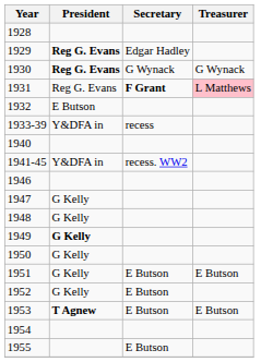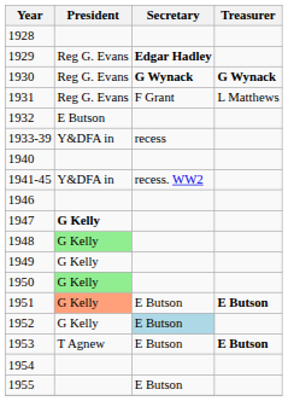 <table class="wikitable sortable">
 <tr>
 <th>Year</th>
 <th>President</th>
 <th>Secretary</th>
 <th>Treasurer</th>
 </tr>
 <tr>
 <td>1928</td>
 <td></td>
 <td></td>
 <td></td>
 </tr>
 <tr>
 <td>1929</td>
-<td><strong>Reg G. Evans</strong></td>
-<td>Edgar Hadley</td>
+<td>Reg G. Evans</td>
+<td><strong>Edgar Hadley</strong></td>
 <td></td>
 </tr>
 <tr>
 <td>1930</td>
-<td><strong>Reg G. Evans</strong></td>
-<td>G Wynack</td>
-<td>G Wynack</td>
+<td>Reg G. Evans</td>
+<td><strong>G Wynack</strong></td>
+<td><strong>G Wynack</strong></td>
 </tr>
 <tr>
 <td>1931</td>
 <td>Reg G. Evans</td>
-<td><strong>F Grant</strong></td>
-<td style="background: pink;">L Matthews</td>
+<td>F Grant</td>
+<td>L Matthews</td>
 </tr>
 <tr>
 <td>1932</td>
 <td>E Butson</td>
 <td></td>
 <td></td>
 </tr>
 <tr>
 <td>1933-39</td>
 <td>Y&DFA in</td>
 <td>recess</td>
 <td></td>
 </tr>
 <tr>
 <td>1940</td>
 <td></td>
 <td></td>
 <td></td>
 </tr>
 <tr>
 <td>1941-45</td>
 <td>Y&DFA in</td>
 <td>recess. <a href='#'>WW2</a></td>
 <td></td>
 </tr>
 <tr>
 <td>1946</td>
 <td></td>
 <td></td>
 <td></td>
 </tr>
 <tr>
 <td>1947</td>
+<td><strong>G Kelly</strong></td>
+<td></td>
+<td></td>
+</tr>
+<tr>
+<td>1948</td>
+<td style="background: lightgreen;">G Kelly</td>
+<td></td>
+<td></td>
+</tr>
+<tr>
+<td>1949</td>
 <td>G Kelly</td>
 <td></td>
 <td></td>
 </tr>
 <tr>
-<td>1948</td>
-<td>G Kelly</td>
-<td></td>
-<td></td>
-</tr>
-<tr>
-<td>1949</td>
-<td><strong>G Kelly</strong></td>
-<td></td>
-<td></td>
-</tr>
-<tr>
 <td>1950</td>
-<td>G Kelly</td>
+<td style="background: lightgreen;">G Kelly</td>
 <td></td>
 <td></td>
 </tr>
 <tr>
 <td>1951</td>
-<td>G Kelly</td>
+<td style="background: lightsalmon;">G Kelly</td>
 <td>E Butson</td>
-<td>E Butson</td>
+<td><strong>E Butson</strong></td>
 </tr>
 <tr>
 <td>1952</td>
 <td>G Kelly</td>
-<td>E Butson</td>
+<td style="background: lightblue;">E Butson</td>
 <td></td>
 </tr>
 <tr>
 <td>1953</td>
-<td><strong>T Agnew</strong></td>
+<td>T Agnew</td>
 <td>E Butson</td>
-<td>E Butson</td>
+<td><strong>E Butson</strong></td>
 </tr>
 <tr>
 <td>1954</td>
 <td></td>
 <td></td>
 <td></td>
 </tr>
 <tr>
 <td>1955</td>
 <td></td>
 <td>E Butson</td>
 <td></td>
 </tr>
 <tr>
 </tr>
 </table>
